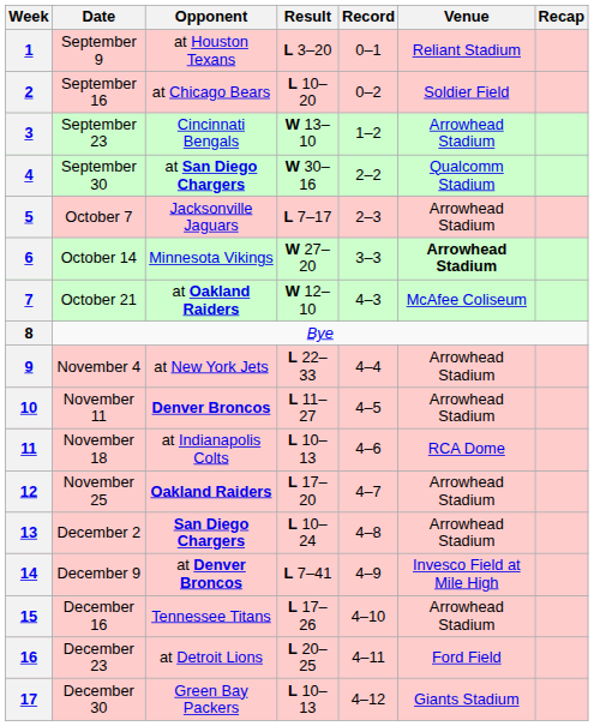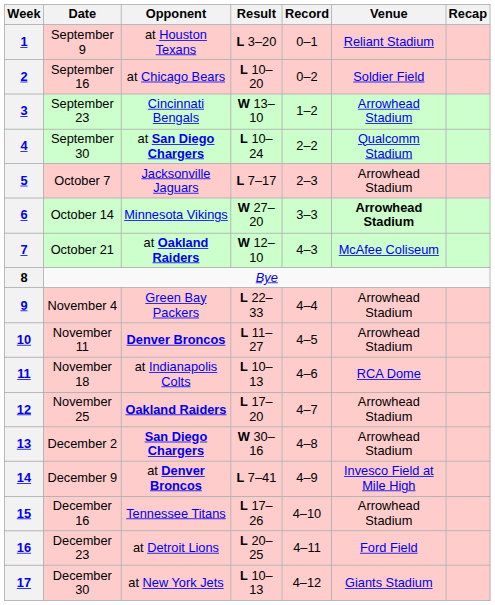 <table class="wikitable" style="text-align:center">
 <tr>
 <th>Week</th>
 <th>Date</th>
 <th>Opponent</th>
 <th>Result</th>
 <th>Record</th>
 <th>Venue</th>
 <th>Recap</th>
 </tr>
 <tr style="background:#fcc">
 <th><a href='#'>1</a></th>
 <td>September 9</td>
 <td>at <a href='#'>Houston Texans</a></td>
 <td><strong>L</strong> 3–20</td>
 <td>0–1</td>
 <td><a href='#'>Reliant Stadium</a></td>
 <td></td>
 </tr>
 <tr style="background:#fcc">
 <th><a href='#'>2</a></th>
 <td>September 16</td>
 <td>at  <a href='#'>Chicago Bears</a></td>
 <td><strong>L</strong> 10–20</td>
 <td>0–2</td>
 <td><a href='#'>Soldier Field</a></td>
 <td></td>
 </tr>
 <tr style="background:#cfc">
 <th><a href='#'>3</a></th>
 <td>September 23</td>
 <td><a href='#'>Cincinnati Bengals</a></td>
 <td><strong>W</strong> 13–10</td>
 <td>1–2</td>
 <td><a href='#'>Arrowhead Stadium</a></td>
 <td></td>
 </tr>
 <tr style="background:#cfc">
 <th><a href='#'>4</a></th>
 <td>September 30</td>
 <td>at <strong><a href='#'>San Diego Chargers</a></strong></td>
-<td><strong>W</strong> 30–16</td>
+<td><strong>L</strong> 10–24</td>
 <td>2–2</td>
 <td><a href='#'>Qualcomm Stadium</a></td>
 <td></td>
 </tr>
 <tr style="background:#fcc">
 <th><a href='#'>5</a></th>
 <td>October 7</td>
 <td><a href='#'>Jacksonville Jaguars</a></td>
 <td><strong>L</strong> 7–17</td>
 <td>2–3</td>
 <td>Arrowhead Stadium</td>
 <td></td>
 </tr>
 <tr style="background:#cfc">
 <th><a href='#'>6</a></th>
 <td>October 14</td>
 <td><a href='#'>Minnesota Vikings</a></td>
 <td><strong>W</strong> 27–20</td>
 <td>3–3</td>
 <td><strong>Arrowhead Stadium</strong></td>
 <td></td>
 </tr>
 <tr style="background:#cfc">
 <th><a href='#'>7</a></th>
 <td>October 21</td>
 <td>at  <strong><a href='#'>Oakland Raiders</a></strong></td>
 <td><strong>W</strong> 12–10</td>
 <td>4–3</td>
 <td><a href='#'>McAfee Coliseum</a></td>
 <td></td>
 </tr>
 <tr>
 <th>8</th>
 <td colspan="6"><em><a href='#'>Bye</a></em></td>
 </tr>
 <tr style="background:#fcc">
 <th><a href='#'>9</a></th>
 <td>November 4</td>
-<td>at <a href='#'>New York Jets</a></td>
+<td><a href='#'>Green Bay Packers</a></td>
 <td><strong>L</strong> 22–33</td>
 <td>4–4</td>
 <td>Arrowhead Stadium</td>
 <td></td>
 </tr>
 <tr style="background:#fcc">
 <th><a href='#'>10</a></th>
 <td>November 11</td>
 <td><strong><a href='#'>Denver Broncos</a></strong></td>
 <td><strong>L</strong> 11–27</td>
 <td>4–5</td>
 <td>Arrowhead Stadium</td>
 <td></td>
 </tr>
 <tr style="background:#fcc">
 <th><a href='#'>11</a></th>
 <td>November 18</td>
 <td>at <a href='#'>Indianapolis Colts</a></td>
 <td><strong>L</strong> 10–13</td>
 <td>4–6</td>
 <td><a href='#'>RCA Dome</a></td>
 <td></td>
 </tr>
 <tr style="background:#fcc">
 <th><a href='#'>12</a></th>
 <td>November 25</td>
 <td><strong><a href='#'>Oakland Raiders</a></strong></td>
 <td><strong>L</strong> 17–20</td>
 <td>4–7</td>
 <td>Arrowhead Stadium</td>
 <td></td>
 </tr>
 <tr style="background:#fcc">
 <th><a href='#'>13</a></th>
 <td>December 2</td>
 <td><strong><a href='#'>San Diego Chargers</a></strong></td>
-<td><strong>L</strong> 10–24</td>
+<td><strong>W</strong> 30–16</td>
 <td>4–8</td>
 <td>Arrowhead Stadium</td>
 <td></td>
 </tr>
 <tr style="background:#fcc">
 <th><a href='#'>14</a></th>
 <td>December 9</td>
 <td>at <strong><a href='#'>Denver Broncos</a></strong></td>
 <td><strong>L</strong> 7–41</td>
 <td>4–9</td>
 <td><a href='#'>Invesco Field at Mile High</a></td>
 <td></td>
 </tr>
 <tr style="background:#fcc">
 <th><a href='#'>15</a></th>
 <td>December 16</td>
 <td><a href='#'>Tennessee Titans</a></td>
 <td><strong>L</strong> 17–26</td>
 <td>4–10</td>
 <td>Arrowhead Stadium</td>
 <td></td>
 </tr>
 <tr style="background:#fcc">
 <th><a href='#'>16</a></th>
 <td>December 23</td>
 <td>at <a href='#'>Detroit Lions</a></td>
 <td><strong>L</strong> 20–25</td>
 <td>4–11</td>
 <td><a href='#'>Ford Field</a></td>
 <td></td>
 </tr>
 <tr style="background:#fcc">
 <th><a href='#'>17</a></th>
 <td>December 30</td>
-<td><a href='#'>Green Bay Packers</a></td>
+<td>at <a href='#'>New York Jets</a></td>
 <td><strong>L</strong> 10–13 </td>
 <td>4–12</td>
 <td><a href='#'>Giants Stadium</a></td>
 <td></td>
 </tr>
 </table>
